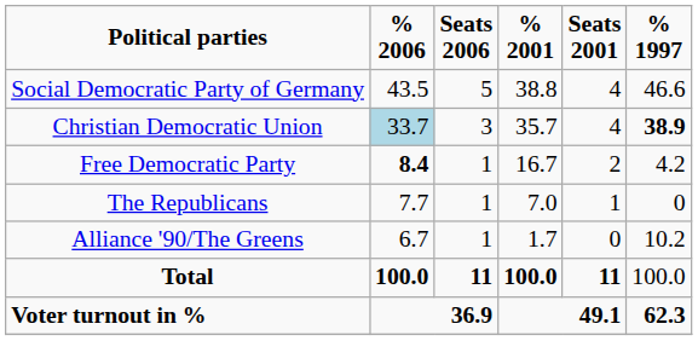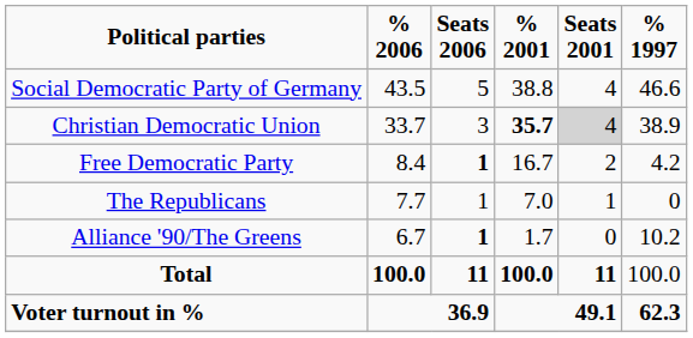 <table class="wikitable">
 <tr --  class="hintergrundfarbe5">
 <td align="center"><strong>Political parties</strong></td>
 <td align="center"><strong>%<br>2006</strong></td>
 <td align="center"><strong>Seats<br>2006</strong></td>
 <td align="center"><strong>%<br>2001</strong></td>
 <td align="center"><strong>Seats<br>2001</strong></td>
 <td align="center"><strong>%<br>1997</strong></td>
 </tr>
 <tr --->
 <td align="center"><a href='#'>Social Democratic Party of Germany</a></td>
 <td align="right">43.5</td>
 <td align="right">5</td>
 <td align="right">38.8</td>
 <td align="right">4</td>
 <td align="right">46.6</td>
 </tr>
 <tr --->
 <td align="center"><a href='#'>Christian Democratic Union</a></td>
-<td align="right" style="background: lightblue;">33.7</td>
+<td align="right">33.7</td>
 <td align="right">3</td>
-<td align="right">35.7</td>
-<td align="right">4</td>
-<td align="right"><strong>38.9</strong></td>
+<td align="right"><strong>35.7</strong></td>
+<td align="right" style="background: lightgrey;">4</td>
+<td align="right">38.9</td>
 </tr>
 <tr --->
 <td align="center"><a href='#'>Free Democratic Party</a></td>
-<td align="right"><strong>8.4</strong></td>
-<td align="right">1</td>
+<td align="right">8.4</td>
+<td align="right"><strong>1</strong></td>
 <td align="right">16.7</td>
 <td align="right">2</td>
 <td align="right">4.2</td>
 </tr>
 <tr --->
 <td align="center"><a href='#'>The Republicans</a></td>
 <td align="right">7.7</td>
 <td align="right">1</td>
 <td align="right">7.0</td>
 <td align="right">1</td>
 <td align="right">0</td>
 </tr>
 <tr --->
 <td align="center"><a href='#'>Alliance '90/The Greens</a></td>
 <td align="right">6.7</td>
-<td align="right">1</td>
+<td align="right"><strong>1</strong></td>
 <td align="right">1.7</td>
 <td align="right">0</td>
 <td align="right">10.2</td>
 </tr>
 <tr -- class="hintergrundfarbe5">
 <td align="center"><strong>Total</strong></td>
 <td align="right"><strong>100.0</strong></td>
 <td align="right"><strong>11</strong></td>
 <td align="right"><strong>100.0</strong></td>
 <td align="right"><strong>11</strong></td>
 <td align="right">100.0</td>
 </tr>
 <tr -- class="hintergrundfarbe5">
 <td><strong>Voter turnout in %</strong></td>
 <td colspan="2" align="right"><strong>36.9</strong></td>
 <td colspan="2" align="right"><strong>49.1</strong></td>
 <td align="right"><strong>62.3</strong></td>
 </tr>
 <tr --->
 </tr>
 </table>
